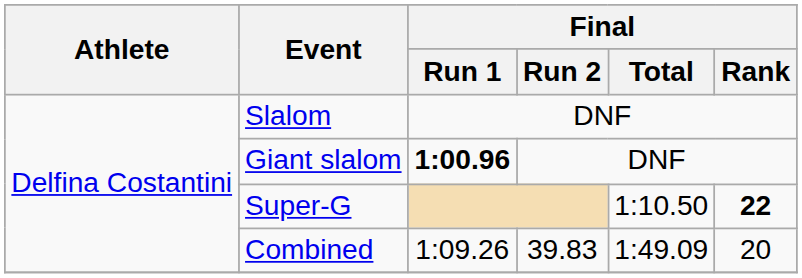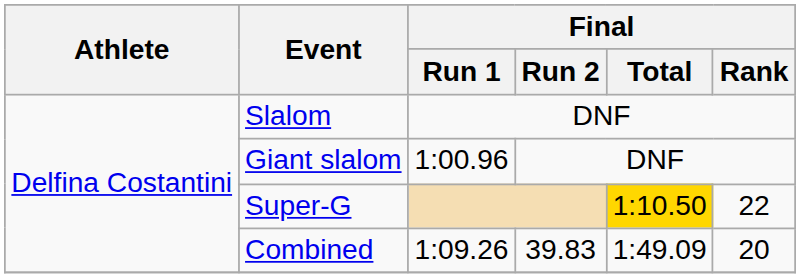 <table class="wikitable">
 <tr>
 <th rowspan="2">Athlete</th>
 <th rowspan="2">Event</th>
 <th colspan="4">Final</th>
 </tr>
 <tr>
 <th>Run 1</th>
 <th>Run 2</th>
 <th>Total</th>
 <th>Rank</th>
 </tr>
 <tr>
 <td rowspan=4><a href='#'>Delfina Costantini</a></td>
 <td><a href='#'>Slalom</a></td>
 <td align="center" colspan=4>DNF</td>
 </tr>
 <tr>
 <td><a href='#'>Giant slalom</a></td>
-<td align="center"><strong>1:00.96</strong></td>
+<td align="center">1:00.96</td>
 <td align="center" colspan=3>DNF</td>
 </tr>
 <tr>
 <td><a href='#'>Super-G</a></td>
 <td colspan=2 bgcolor="wheat"></td>
-<td align="center">1:10.50</td>
-<td align="center"><strong>22</strong></td>
+<td align="center" style="background: gold;">1:10.50</td>
+<td align="center">22</td>
 </tr>
 <tr>
 <td><a href='#'>Combined</a></td>
 <td align="center">1:09.26</td>
 <td align="center">39.83</td>
 <td align="center">1:49.09</td>
 <td align="center">20</td>
 </tr>
 <tr>
 </tr>
 </table>
